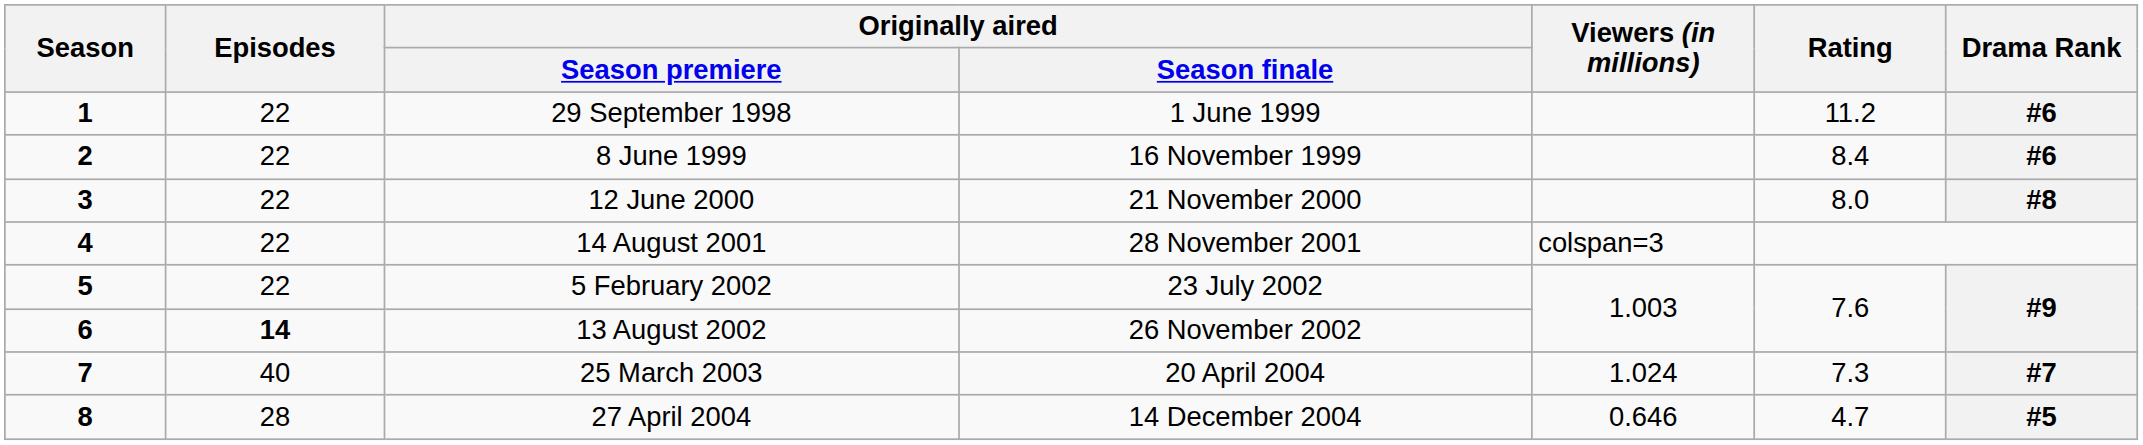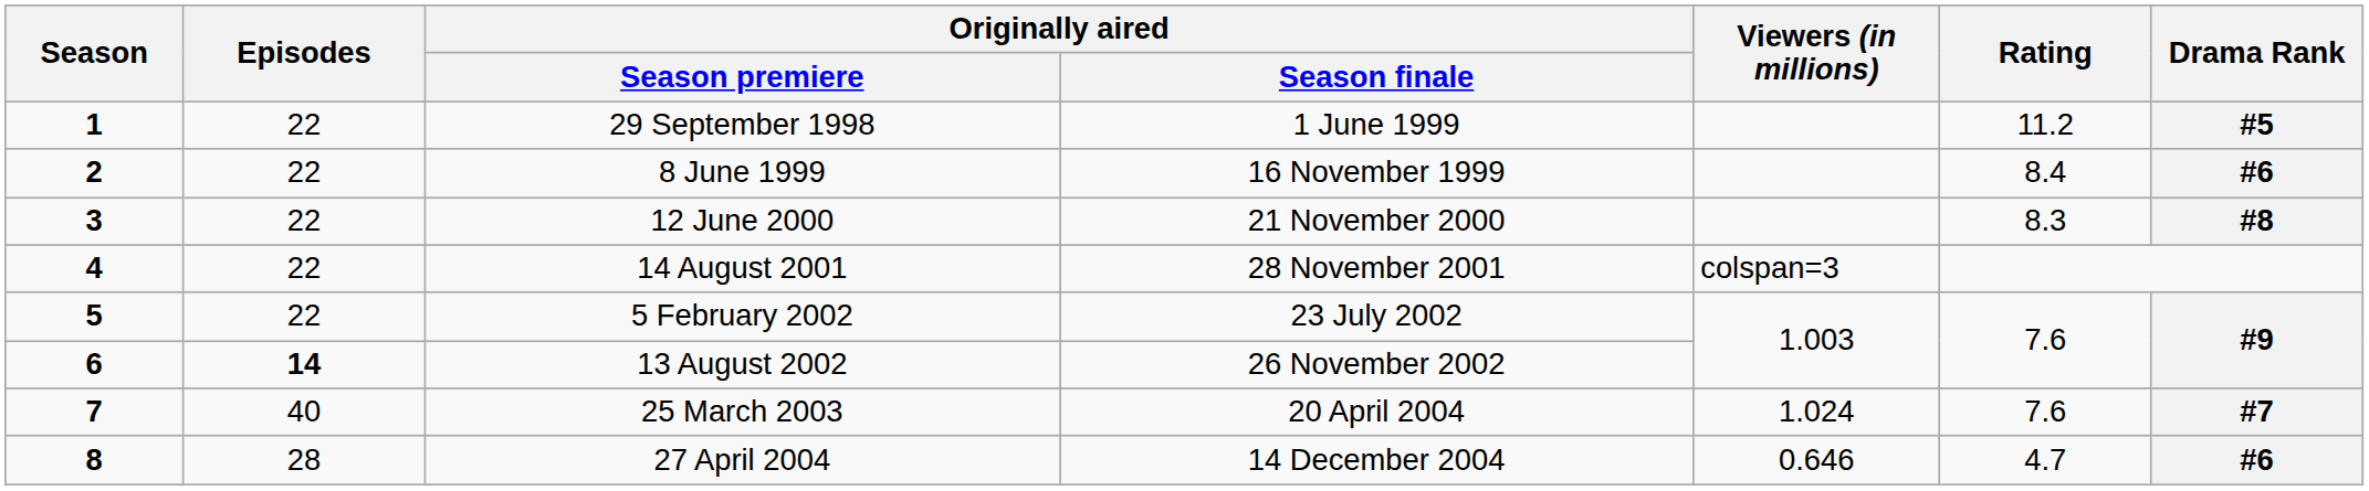 <table class="wikitable">
 <tr>
 <th rowspan="2" width=3%>Season</th>
 <th rowspan="2" width=5%>Episodes</th>
 <th colspan="2">Originally aired</th>
 <th rowspan="2" width=5%>Viewers <em>(in millions)</em></th>
 <th rowspan="2" width=5%>Rating</th>
 <th rowspan="2" width=5%>Drama Rank</th>
 </tr>
 <tr>
 <th width=15%><a href='#'>Season premiere</a></th>
 <th width=15%><a href='#'>Season finale</a></th>
 </tr>
 <tr>
 <td align="center"><strong>1</strong></td>
 <td align="center">22</td>
 <td align="center">29 September 1998</td>
 <td align="center">1 June 1999</td>
 <td></td>
 <td align="center">11.2</td>
-<th align="center">#6</th>
+<th align="center">#5</th>
 </tr>
 <tr>
 <td align="center"><strong>2</strong></td>
 <td align="center">22</td>
 <td align="center">8 June 1999</td>
 <td align="center">16 November 1999</td>
 <td></td>
 <td align="center">8.4</td>
 <th align="center">#6</th>
 </tr>
 <tr>
 <td align="center"><strong>3</strong></td>
 <td align="center">22</td>
 <td align="center">12 June 2000</td>
 <td align="center">21 November 2000</td>
 <td></td>
-<td align="center">8.0</td>
+<td align="center">8.3</td>
 <th align="center">#8</th>
 </tr>
 <tr>
 <td align="center"><strong>4</strong></td>
 <td align="center">22</td>
 <td align="center">14 August 2001</td>
 <td align="center">28 November 2001</td>
 <td>colspan=3 </td>
 </tr>
 <tr>
 <td align="center"><strong>5</strong></td>
 <td align="center">22</td>
 <td align="center">5 February 2002</td>
 <td align="center">23 July 2002</td>
 <td rowspan="2" align="center">1.003</td>
 <td rowspan="2" align="center">7.6</td>
 <th rowspan="2" align="center">#9</th>
 </tr>
 <tr>
 <td align="center"><strong>6</strong></td>
 <td align="center"><strong>14</strong></td>
 <td align="center">13 August 2002</td>
 <td align="center">26 November 2002</td>
 </tr>
 <tr>
 <td align="center"><strong>7</strong></td>
 <td align="center">40</td>
 <td align="center">25 March 2003</td>
 <td align="center">20 April 2004</td>
 <td align="center">1.024</td>
-<td align="center">7.3</td>
+<td align="center">7.6</td>
 <th align="center">#7</th>
 </tr>
 <tr>
 <td align="center"><strong>8</strong></td>
 <td align="center">28</td>
 <td align="center">27 April 2004</td>
 <td align="center">14 December 2004</td>
 <td align="center">0.646</td>
 <td align="center">4.7</td>
-<th align="center">#5</th>
+<th align="center">#6</th>
 </tr>
 </table>
